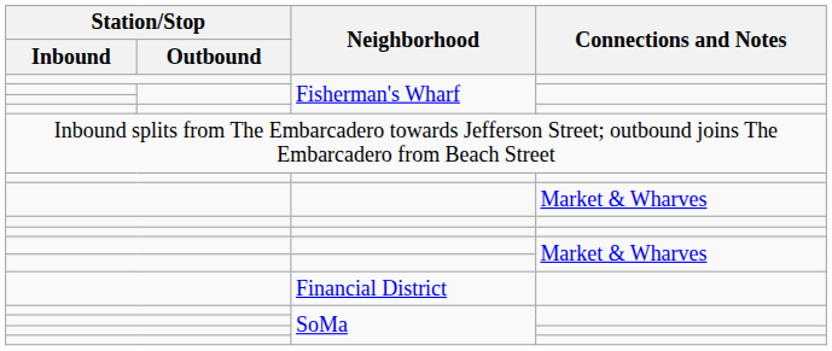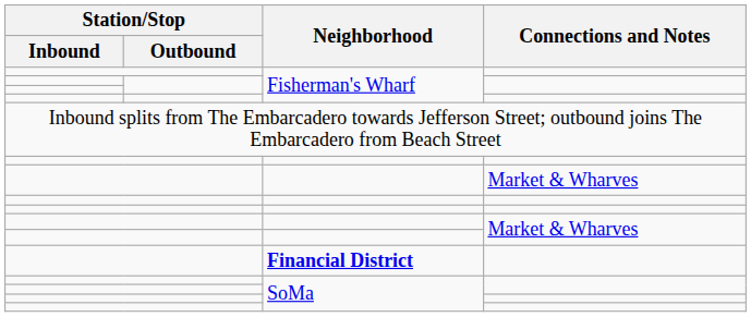 <table class="wikitable">
 <tr>
 <th colspan="2">Station/Stop</th>
 <th rowspan="2">Neighborhood</th>
 <th rowspan="2">Connections and Notes</th>
 </tr>
 <tr>
 <th>Inbound</th>
 <th>Outbound</th>
 </tr>
 <tr>
 <td colspan="2"></td>
 <td rowspan="4"><a href='#'>Fisherman's Wharf</a></td>
 <td></td>
 </tr>
 <tr>
 <td></td>
 <td rowspan="2"></td>
 <td rowspan="2"></td>
 </tr>
 <tr>
 <td></td>
 </tr>
 <tr>
 <td></td>
 <td></td>
 <td></td>
 </tr>
 <tr>
 <td colspan="4" style="text-align:center;">Inbound splits from The Embarcadero towards Jefferson Street; outbound joins The Embarcadero from Beach Street</td>
 </tr>
 <tr>
 <td colspan="2"></td>
 <td></td>
 <td></td>
 </tr>
 <tr>
 <td colspan="2"></td>
 <td></td>
 <td>  <a href='#'>Market & Wharves</a></td>
 </tr>
 <tr>
 <td colspan="2"></td>
 <td></td>
 <td></td>
 </tr>
 <tr>
 <td colspan="2"></td>
 <td></td>
 <td></td>
 </tr>
 <tr>
 <td colspan="2"></td>
 <td></td>
 <td rowspan="2">  <a href='#'>Market & Wharves</a></td>
 </tr>
 <tr>
 <td colspan="2"></td>
 <td></td>
 </tr>
 <tr>
 <td colspan="2"></td>
-<td><a href='#'>Financial District</a></td>
+<td><strong><a href='#'>Financial District</a></strong></td>
 <td></td>
 </tr>
 <tr>
 <td colspan="2"></td>
 <td rowspan="4"><a href='#'>SoMa</a></td>
 <td rowspan="2"></td>
 </tr>
 <tr>
 <td colspan="2"></td>
 </tr>
 <tr>
 <td colspan="2"></td>
 <td></td>
 </tr>
 <tr>
 <td colspan="2"></td>
 <td></td>
 </tr>
 </table>
